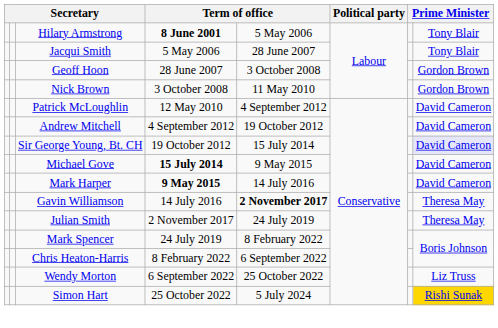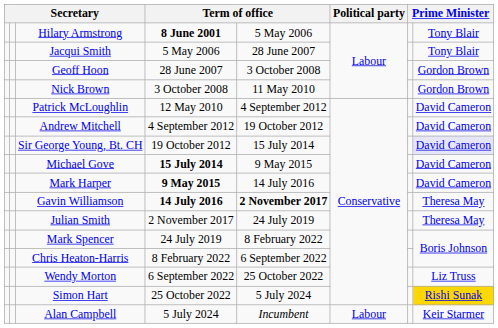 <table class="wikitable" style="text-align:center">
 <tr>
 <th colspan=3>Secretary</th>
 <th colspan=2>Term of office</th>
 <th>Political party</th>
 <th colspan=2><a href='#'>Prime Minister</a></th>
 </tr>
 <tr style="height:1em">
 <td style="background-color:"></td>
 <td></td>
 <td><a href='#'>Hilary Armstrong</a></td>
 <td><strong>8 June 2001</strong></td>
 <td>5 May 2006</td>
 <td rowspan=4><a href='#'>Labour</a></td>
 <td style="background-color:"></td>
 <td><a href='#'>Tony Blair</a></td>
 </tr>
 <tr style="height:1em">
 <td style="background-color:"></td>
 <td></td>
 <td><a href='#'>Jacqui Smith</a></td>
 <td>5 May 2006</td>
 <td>28 June 2007</td>
 <td style="background-color:"></td>
 <td><a href='#'>Tony Blair</a></td>
 </tr>
 <tr style="height:1em">
 <td style="background-color:"></td>
 <td></td>
 <td><a href='#'>Geoff Hoon</a></td>
 <td>28 June 2007</td>
 <td>3 October 2008</td>
 <td style="background-color:"></td>
 <td><a href='#'>Gordon Brown</a> <br> </td>
 </tr>
 <tr style="height:1em">
 <td style="background-color:"></td>
 <td></td>
 <td><a href='#'>Nick Brown</a></td>
 <td>3 October 2008</td>
 <td>11 May 2010</td>
 <td style="background-color:"></td>
 <td><a href='#'>Gordon Brown</a> <br> </td>
 </tr>
 <tr style="height:1em">
 <td style="background-color:"></td>
 <td></td>
 <td><a href='#'>Patrick McLoughlin</a></td>
 <td>12 May 2010</td>
 <td>4 September 2012</td>
 <td rowspan=11><a href='#'>Conservative</a></td>
 <td style="background-color:"></td>
 <td><a href='#'>David Cameron</a></td>
 </tr>
 <tr style="height:1em">
 <td style="background-color:"></td>
 <td></td>
 <td><a href='#'>Andrew Mitchell</a></td>
 <td>4 September 2012</td>
 <td>19 October 2012</td>
 <td style="background-color:"></td>
 <td><a href='#'>David Cameron</a></td>
 </tr>
 <tr style="height:1em">
 <td style="background-color:"></td>
 <td></td>
 <td><a href='#'>Sir George Young, Bt. CH</a></td>
 <td>19 October 2012</td>
 <td>15 July 2014</td>
 <td style="background-color:"></td>
 <td style="background: lavender;"><a href='#'>David Cameron</a></td>
 </tr>
 <tr style="height:1em">
 <td style="background-color:"></td>
 <td></td>
 <td><a href='#'>Michael Gove</a></td>
 <td><strong>15 July 2014</strong></td>
 <td>9 May 2015</td>
 <td style="background-color:"></td>
 <td><a href='#'>David Cameron</a></td>
 </tr>
 <tr style="height:1em">
 <td style="background-color:"></td>
 <td></td>
 <td><a href='#'>Mark Harper</a></td>
 <td><strong>9 May 2015</strong></td>
 <td>14 July 2016</td>
 <td style="background-color:"></td>
 <td><a href='#'>David Cameron</a><br> </td>
 </tr>
 <tr style="height:1em">
 <td style="background-color:"></td>
 <td></td>
 <td><a href='#'>Gavin Williamson</a></td>
-<td>14 July 2016</td>
+<td><strong>14 July 2016</strong></td>
 <td><strong>2 November 2017</strong></td>
 <td style="background-color:"></td>
 <td><a href='#'>Theresa May</a><br> </td>
 </tr>
 <tr style="height:1em">
 <td style="background-color:"></td>
 <td></td>
 <td><a href='#'>Julian Smith</a></td>
 <td>2 November 2017</td>
 <td>24 July 2019</td>
 <td style="background-color:"></td>
 <td><a href='#'>Theresa May</a><br> </td>
 </tr>
 <tr style="height:1em">
 <td style="background-color:"></td>
 <td></td>
 <td><a href='#'>Mark Spencer</a></td>
 <td>24 July 2019</td>
 <td>8 February 2022</td>
 <td style="background-color:"></td>
 <td rowspan=2><a href='#'>Boris Johnson</a><br> </td>
 </tr>
 <tr style="height:1em">
 <td style="background-color:"></td>
 <td></td>
 <td><a href='#'>Chris Heaton-Harris</a></td>
 <td>8 February 2022</td>
 <td>6 September 2022</td>
 <td style="background-color:"></td>
 </tr>
 <tr style="height:1em">
 <td style="background-color:"></td>
 <td></td>
 <td><a href='#'>Wendy Morton</a></td>
 <td>6 September 2022</td>
 <td>25 October 2022</td>
 <td style="background-color:"></td>
 <td><a href='#'>Liz Truss</a><br> </td>
 </tr>
 <tr style="height:1em">
 <td style="background-color:"></td>
 <td></td>
 <td><a href='#'>Simon Hart</a></td>
 <td>25 October 2022</td>
 <td>5 July 2024</td>
 <td style="background-color:"></td>
 <td style="background: gold;"><a href='#'>Rishi Sunak</a><br> </td>
 </tr>
+<tr style="height:1em">
+<td style="background-color:"></td>
+<td></td>
+<td><a href='#'>Alan Campbell</a></td>
+<td>5 July 2024</td>
+<td><em>Incumbent</em></td>
+<td><a href='#'>Labour</a></td>
+<td style="background-color:"></td>
+<td><a href='#'>Keir Starmer</a> <br> </td>
+</tr>
 </table>
